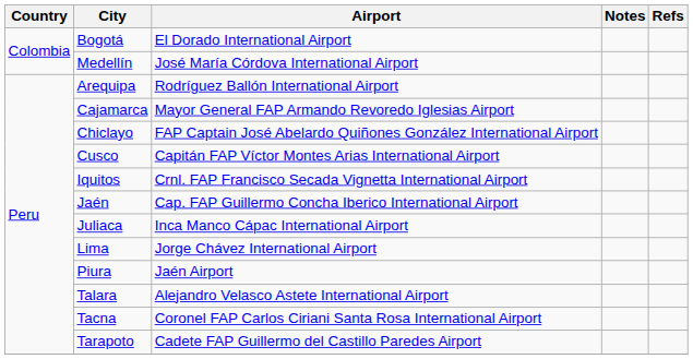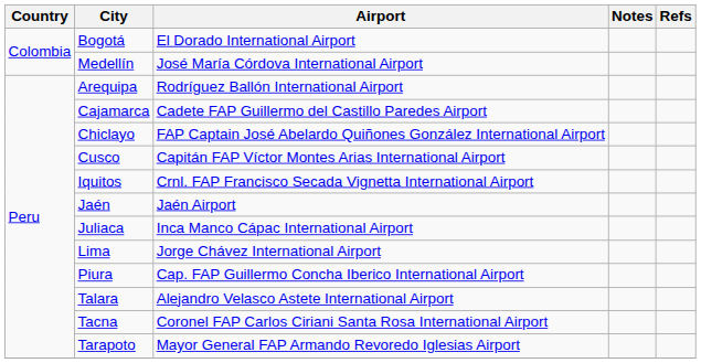 <table class="sortable wikitable">
 <tr>
 <th>Country</th>
 <th>City</th>
 <th>Airport</th>
 <th>Notes</th>
 <th class="unsortable">Refs</th>
 </tr>
 <tr>
 <td rowspan=2><a href='#'>Colombia</a></td>
 <td><a href='#'>Bogotá</a></td>
 <td><a href='#'>El Dorado International Airport</a></td>
 <td align=center></td>
 <td></td>
 </tr>
 <tr>
 <td><a href='#'>Medellín</a></td>
 <td><a href='#'>José María Córdova International Airport</a></td>
 <td align=center></td>
 <td></td>
 </tr>
 <tr>
 <td rowspan=12><a href='#'>Peru</a></td>
 <td><a href='#'>Arequipa</a></td>
 <td><a href='#'>Rodríguez Ballón International Airport</a></td>
 <td></td>
 <td></td>
 </tr>
 <tr>
 <td><a href='#'>Cajamarca</a></td>
-<td><a href='#'>Mayor General FAP Armando Revoredo Iglesias Airport</a></td>
+<td><a href='#'>Cadete FAP Guillermo del Castillo Paredes Airport</a></td>
 <td></td>
 <td></td>
 </tr>
 <tr>
 <td><a href='#'>Chiclayo</a></td>
 <td><a href='#'>FAP Captain José Abelardo Quiñones González International Airport</a></td>
 <td></td>
 <td></td>
 </tr>
 <tr>
 <td><a href='#'>Cusco</a></td>
 <td><a href='#'>Capitán FAP Víctor Montes Arias International Airport</a></td>
 <td align=center></td>
 <td></td>
 </tr>
 <tr>
 <td><a href='#'>Iquitos</a></td>
 <td><a href='#'>Crnl. FAP Francisco Secada Vignetta International Airport</a></td>
 <td></td>
 <td></td>
 </tr>
 <tr>
 <td><a href='#'>Jaén</a></td>
-<td><a href='#'>Cap. FAP Guillermo Concha Iberico International Airport</a></td>
+<td><a href='#'>Jaén Airport</a></td>
 <td></td>
 <td></td>
 </tr>
 <tr>
 <td><a href='#'>Juliaca</a></td>
 <td><a href='#'>Inca Manco Cápac International Airport</a></td>
 <td></td>
 <td></td>
 </tr>
 <tr>
 <td><a href='#'>Lima</a></td>
 <td><a href='#'>Jorge Chávez International Airport</a></td>
 <td></td>
 <td></td>
 </tr>
 <tr>
 <td><a href='#'>Piura</a></td>
-<td><a href='#'>Jaén Airport</a></td>
+<td><a href='#'>Cap. FAP Guillermo Concha Iberico International Airport</a></td>
 <td></td>
 <td></td>
 </tr>
 <tr>
 <td><a href='#'>Talara</a></td>
 <td><a href='#'>Alejandro Velasco Astete International Airport</a></td>
 <td></td>
 <td></td>
 </tr>
 <tr>
 <td><a href='#'>Tacna</a></td>
 <td><a href='#'>Coronel FAP Carlos Ciriani Santa Rosa International Airport</a></td>
 <td></td>
 <td></td>
 </tr>
 <tr>
 <td><a href='#'>Tarapoto</a></td>
-<td><a href='#'>Cadete FAP Guillermo del Castillo Paredes Airport</a></td>
+<td><a href='#'>Mayor General FAP Armando Revoredo Iglesias Airport</a></td>
 <td></td>
 <td></td>
 </tr>
 <tr>
 </tr>
 </table>
